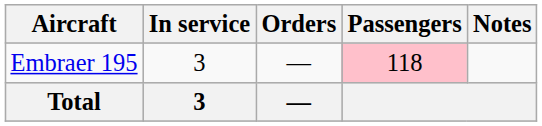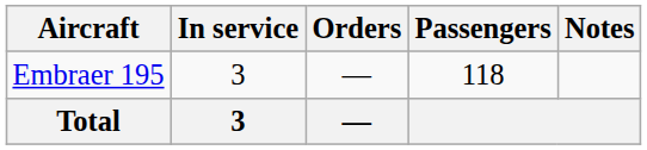 <table class="wikitable" style="margin:1em auto; border-collapse:collapse;text-align:center">
 <tr>
 <th>Aircraft</th>
 <th>In service</th>
 <th>Orders</th>
 <th>Passengers</th>
 <th>Notes</th>
 </tr>
 <tr>
 <td><a href='#'>Embraer 195</a></td>
 <td>3</td>
 <td>—</td>
-<td style="background: pink;">118</td>
+<td>118</td>
 <td></td>
 </tr>
 <tr>
 <th>Total</th>
 <th>3</th>
 <th>—</th>
 <th colspan="2"></th>
 </tr>
 </table>
